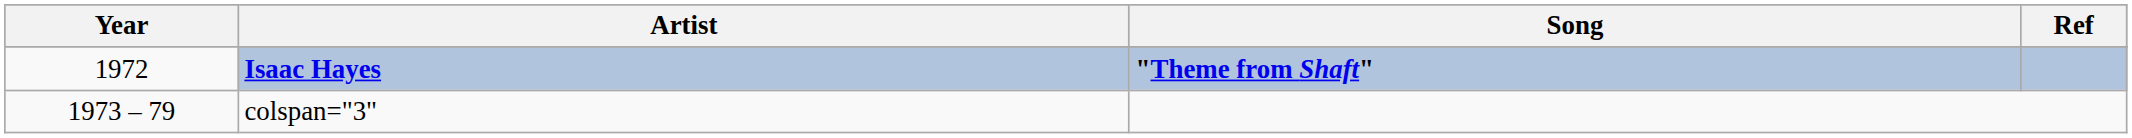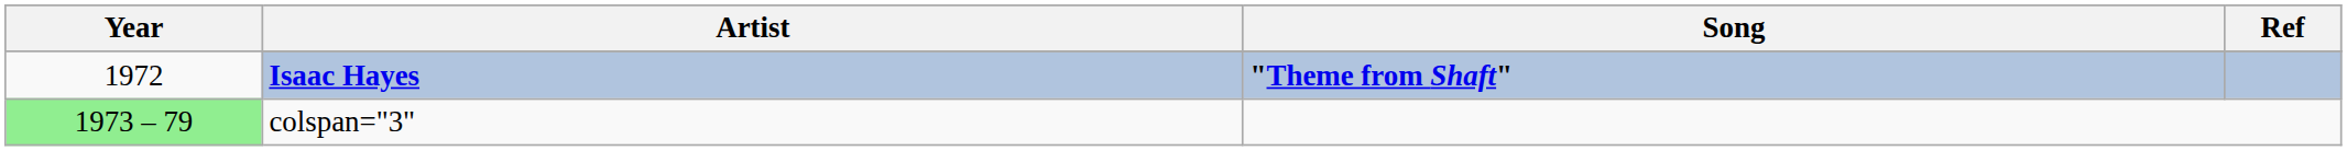 <table class="wikitable" style="width:100%;">
 <tr style="background:#bebebe;">
 <th style="width:11%;">Year</th>
 <th style="width:42%;">Artist</th>
 <th style="width:42%;">Song</th>
 <th style="width:5%;">Ref</th>
 </tr>
 <tr>
 <td rowspan="2" align="center">1972</td>
 </tr>
 <tr style="background:#B0C4DE">
 <td><strong><a href='#'>Isaac Hayes</a></strong></td>
 <td><strong>"<a href='#'>Theme from <em>Shaft</em></a>"</strong></td>
 <td align="center"></td>
 </tr>
 <tr>
-<td align="center">1973 – 79</td>
+<td align="center" style="background: lightgreen;">1973 – 79</td>
 <td>colspan="3" </td>
 </tr>
 </table>
